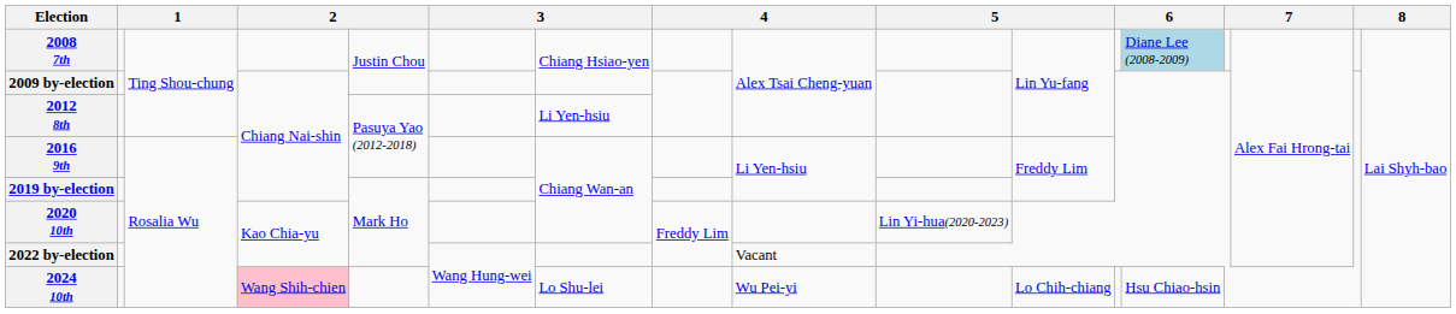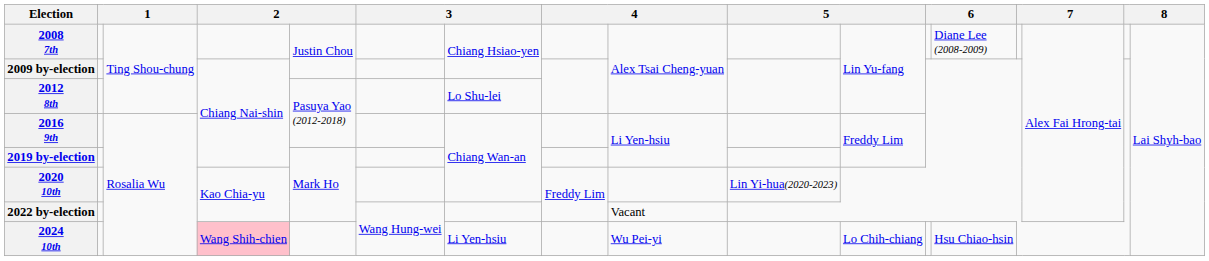 <table class="wikitable">
 <tr>
 <th>Election</th>
 <th colspan="2" width="80px">1</th>
 <th colspan="2" width="80px">2</th>
 <th colspan="2" width="80px">3</th>
 <th colspan="2" width="80px">4</th>
 <th colspan="2" width="80px">5</th>
 <th colspan="2" width="80px">6</th>
 <th colspan="2" width="80px">7</th>
 <th colspan="2" width="80px">8</th>
 </tr>
 <tr>
 <th><a href='#'>2008</a><br><small><em><a href='#'>7th</a></em></small><br></th>
 <td></td>
 <td rowspan=3><a href='#'>Ting Shou-chung</a></td>
 <td></td>
 <td rowspan=2><a href='#'>Justin Chou</a></td>
 <td></td>
 <td rowspan=2><a href='#'>Chiang Hsiao-yen</a></td>
 <td></td>
 <td rowspan=3><a href='#'>Alex Tsai Cheng-yuan</a></td>
 <td></td>
 <td rowspan=3><a href='#'>Lin Yu-fang</a></td>
 <td></td>
-<td style="background: lightblue;"><a href='#'>Diane Lee</a><br><small><em>(2008-2009)</em></small><br></td>
+<td><a href='#'>Diane Lee</a><br><small><em>(2008-2009)</em></small><br></td>
 <td></td>
 <td rowspan=7><a href='#'>Alex Fai Hrong-tai</a></td>
 <td></td>
 <td rowspan=8><a href='#'>Lai Shyh-bao</a></td>
 </tr>
 <tr>
 <th>2009 by-election</th>
 <td></td>
 <td rowspan=4><a href='#'>Chiang Nai-shin</a></td>
 </tr>
 <tr>
 <th><a href='#'>2012</a><br><small><em><a href='#'>8th</a></em></small><br></th>
 <td></td>
 <td rowspan=2><a href='#'>Pasuya Yao</a><br><small><em>(2012-2018)</em></small><br></td>
 <td></td>
-<td><a href='#'>Li Yen-hsiu</a></td>
+<td><a href='#'>Lo Shu-lei</a></td>
 </tr>
 <tr>
 <th><a href='#'>2016</a><br><small><em><a href='#'>9th</a></em></small><br></th>
 <td></td>
 <td rowspan=5><a href='#'>Rosalia Wu</a></td>
 <td></td>
 <td rowspan=3><a href='#'>Chiang Wan-an</a></td>
 <td></td>
 <td rowspan=2><a href='#'>Li Yen-hsiu</a></td>
 <td></td>
 <td rowspan=2><a href='#'>Freddy Lim</a></td>
 </tr>
 <tr>
 <th><a href='#'>2019 by-election</a></th>
 <td></td>
 <td rowspan=3><a href='#'>Mark Ho</a></td>
 </tr>
 <tr>
 <th><a href='#'>2020</a><br><small><em><a href='#'>10th</a></em></small><br></th>
 <td></td>
 <td rowspan=2><a href='#'>Kao Chia-yu</a></td>
 <td></td>
 <td rowspan=2><a href='#'>Freddy Lim</a></td>
 <td></td>
 <td><a href='#'>Lin Yi-hua</a><small><em>(2020-2023)</em></small></td>
 </tr>
 <tr>
 <th>2022 by-election</th>
 <td></td>
 <td rowspan=2><a href='#'>Wang Hung-wei</a></td>
 <td></td>
 <td>Vacant</td>
 </tr>
 <tr>
 <th><a href='#'>2024</a><br><small><em><a href='#'>10th</a></em></small><br></th>
 <td></td>
 <td style="background: pink;"><a href='#'>Wang Shih-chien</a></td>
 <td></td>
-<td><a href='#'>Lo Shu-lei</a></td>
+<td><a href='#'>Li Yen-hsiu</a></td>
 <td></td>
 <td><a href='#'>Wu Pei-yi</a></td>
 <td></td>
 <td><a href='#'>Lo Chih-chiang</a></td>
 <td></td>
 <td><a href='#'>Hsu Chiao-hsin</a></td>
 </tr>
 </table>
